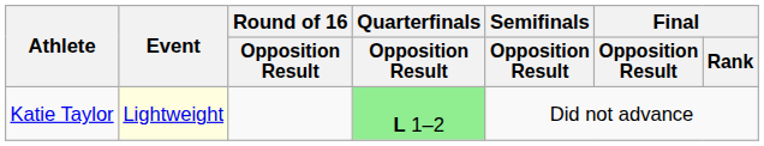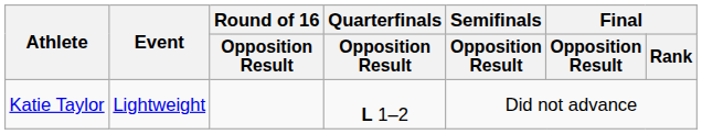 <table class="wikitable" style="font-size:90%">
 <tr>
 <th rowspan=2>Athlete</th>
 <th rowspan=2>Event</th>
 <th>Round of 16</th>
 <th>Quarterfinals</th>
 <th>Semifinals</th>
 <th colspan=2>Final</th>
 </tr>
 <tr style="font-size:95%">
 <th>Opposition<br>Result</th>
 <th>Opposition<br>Result</th>
 <th>Opposition<br>Result</th>
 <th>Opposition<br>Result</th>
 <th>Rank</th>
 </tr>
 <tr align=center>
 <td align=left><a href='#'>Katie Taylor</a></td>
-<td align=left style="background: lightyellow;"><a href='#'>Lightweight</a></td>
+<td align=left><a href='#'>Lightweight</a></td>
 <td></td>
-<td style="background: lightgreen;"><br><strong>L</strong> 1–2</td>
+<td><br><strong>L</strong> 1–2</td>
 <td colspan=3>Did not advance</td>
 </tr>
 </table>
